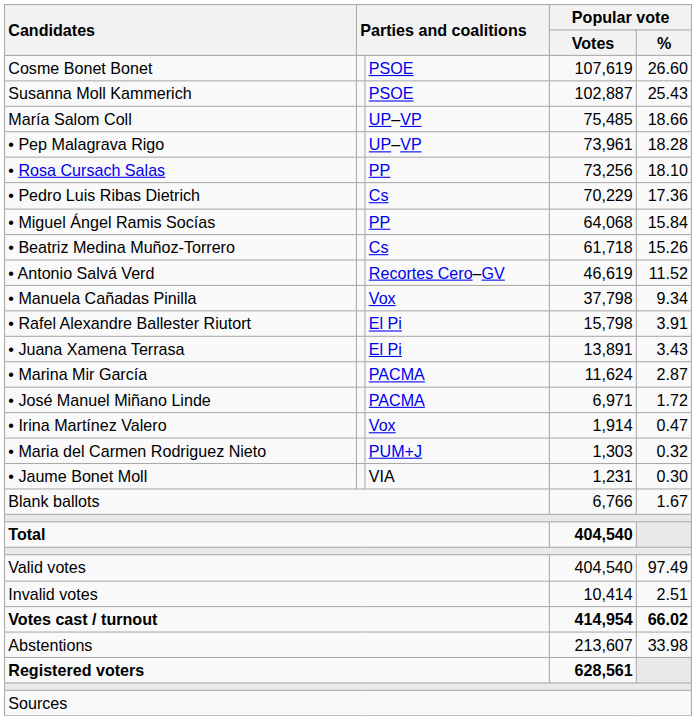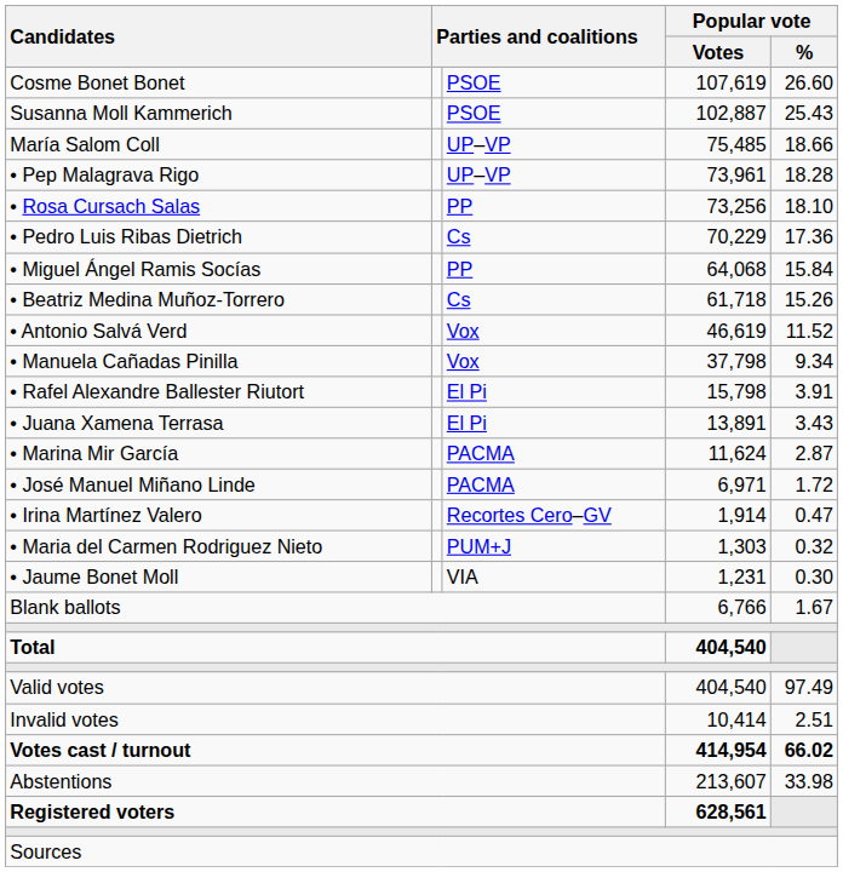 <table class="wikitable" style="text-align:right; font-size:95%;">
 <tr>
 <th style="text-align:left;" rowspan="2" width="325">Candidates</th>
 <th style="text-align:left;" rowspan="2" colspan="2" width="175">Parties and coalitions</th>
 <th colspan="2">Popular vote</th>
 </tr>
 <tr>
 <th width="75">Votes</th>
 <th width="45">%</th>
 </tr>
 <tr>
 <td align="left"> Cosme Bonet Bonet</td>
 <td width="1" style="color:inherit;background:"></td>
 <td align="left"><a href='#'>PSOE</a></td>
 <td>107,619</td>
 <td>26.60</td>
 </tr>
 <tr>
 <td align="left"> Susanna Moll Kammerich</td>
 <td style="color:inherit;background:"></td>
 <td align="left"><a href='#'>PSOE</a></td>
 <td>102,887</td>
 <td>25.43</td>
 </tr>
 <tr>
 <td align="left"> María Salom Coll</td>
 <td style="color:inherit;background:"></td>
 <td align="left"><a href='#'>UP</a>–<a href='#'>VP</a></td>
 <td>75,485</td>
 <td>18.66</td>
 </tr>
 <tr>
 <td align="left">• Pep Malagrava Rigo</td>
 <td style="color:inherit;background:"></td>
 <td align="left"><a href='#'>UP</a>–<a href='#'>VP</a></td>
 <td>73,961</td>
 <td>18.28</td>
 </tr>
 <tr>
 <td align="left">• <a href='#'>Rosa Cursach Salas</a></td>
 <td style="color:inherit;background:"></td>
 <td align="left"><a href='#'>PP</a></td>
 <td>73,256</td>
 <td>18.10</td>
 </tr>
 <tr>
 <td align="left">• Pedro Luis Ribas Dietrich</td>
 <td style="color:inherit;background:"></td>
 <td align="left"><a href='#'>Cs</a></td>
 <td>70,229</td>
 <td>17.36</td>
 </tr>
 <tr>
 <td align="left">• Miguel Ángel Ramis Socías</td>
 <td style="color:inherit;background:"></td>
 <td align="left"><a href='#'>PP</a></td>
 <td>64,068</td>
 <td>15.84</td>
 </tr>
 <tr>
 <td align="left">• Beatriz Medina Muñoz-Torrero</td>
 <td style="color:inherit;background:"></td>
 <td align="left"><a href='#'>Cs</a></td>
 <td>61,718</td>
 <td>15.26</td>
 </tr>
 <tr>
 <td align="left">• Antonio Salvá Verd</td>
 <td style="color:inherit;background:"></td>
-<td align="left"><a href='#'>Recortes Cero</a>–<a href='#'>GV</a></td>
+<td align="left"><a href='#'>Vox</a></td>
 <td>46,619</td>
 <td>11.52</td>
 </tr>
 <tr>
 <td align="left">• Manuela Cañadas Pinilla</td>
 <td style="color:inherit;background:"></td>
 <td align="left"><a href='#'>Vox</a></td>
 <td>37,798</td>
 <td>9.34</td>
 </tr>
 <tr>
 <td align="left">• Rafel Alexandre Ballester Riutort</td>
 <td style="color:inherit;background:"></td>
 <td align="left"><a href='#'>El Pi</a></td>
 <td>15,798</td>
 <td>3.91</td>
 </tr>
 <tr>
 <td align="left">• Juana Xamena Terrasa</td>
 <td style="color:inherit;background:"></td>
 <td align="left"><a href='#'>El Pi</a></td>
 <td>13,891</td>
 <td>3.43</td>
 </tr>
 <tr>
 <td align="left">• Marina Mir García</td>
 <td style="color:inherit;background:"></td>
 <td align="left"><a href='#'>PACMA</a></td>
 <td>11,624</td>
 <td>2.87</td>
 </tr>
 <tr>
 <td align="left">• José Manuel Miñano Linde</td>
 <td style="color:inherit;background:"></td>
 <td align="left"><a href='#'>PACMA</a></td>
 <td>6,971</td>
 <td>1.72</td>
 </tr>
 <tr>
 <td align="left">• Irina Martínez Valero</td>
 <td style="color:inherit;background:"></td>
-<td align="left"><a href='#'>Vox</a></td>
+<td align="left"><a href='#'>Recortes Cero</a>–<a href='#'>GV</a></td>
 <td>1,914</td>
 <td>0.47</td>
 </tr>
 <tr>
 <td align="left">• Maria del Carmen Rodriguez Nieto</td>
 <td style="color:inherit;background:"></td>
 <td align="left"><a href='#'>PUM+J</a></td>
 <td>1,303</td>
 <td>0.32</td>
 </tr>
 <tr>
 <td align="left">• Jaume Bonet Moll</td>
 <td style="color:inherit;background:"></td>
 <td align="left">VIA</td>
 <td>1,231</td>
 <td>0.30</td>
 </tr>
 <tr>
 <td align="left" colspan="3">Blank ballots</td>
 <td>6,766</td>
 <td>1.67</td>
 </tr>
 <tr>
 <td colspan="5" bgcolor="#E9E9E9"></td>
 </tr>
 <tr style="font-weight:bold;">
 <td align="left" colspan="3">Total</td>
 <td>404,540</td>
 <td bgcolor="#E9E9E9"></td>
 </tr>
 <tr>
 <td colspan="5" bgcolor="#E9E9E9"></td>
 </tr>
 <tr>
 <td align="left" colspan="3">Valid votes</td>
 <td>404,540</td>
 <td>97.49</td>
 </tr>
 <tr>
 <td align="left" colspan="3">Invalid votes</td>
 <td>10,414</td>
 <td>2.51</td>
 </tr>
 <tr style="font-weight:bold;">
 <td align="left" colspan="3">Votes cast / turnout</td>
 <td>414,954</td>
 <td>66.02</td>
 </tr>
 <tr>
 <td align="left" colspan="3">Abstentions</td>
 <td>213,607</td>
 <td>33.98</td>
 </tr>
 <tr style="font-weight:bold;">
 <td align="left" colspan="3">Registered voters</td>
 <td>628,561</td>
 <td bgcolor="#E9E9E9"></td>
 </tr>
 <tr>
 <td colspan="5" bgcolor="#E9E9E9"></td>
 </tr>
 <tr>
 <td align="left" colspan="5">Sources</td>
 </tr>
 </table>
